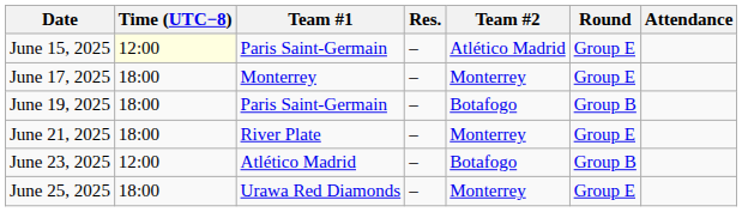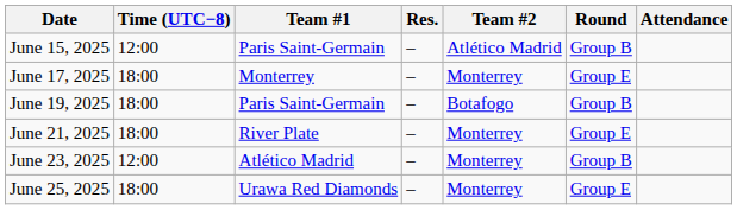 <table class="wikitable sortable">
 <tr>
 <th style="text-align:center;">Date</th>
 <th style="text-align:center;">Time (<a href='#'>UTC−8</a>)</th>
 <th style="text-align:center;">Team #1</th>
 <th style="text-align:center;">Res.</th>
 <th style="text-align:center;">Team #2</th>
 <th style="text-align:center;">Round</th>
 <th>Attendance</th>
 </tr>
 <tr>
 <td>June 15, 2025</td>
-<td style="background: lightyellow;">12:00</td>
+<td>12:00</td>
 <td><a href='#'>Paris Saint-Germain</a> </td>
 <td>–</td>
 <td> <a href='#'>Atlético Madrid</a></td>
-<td><a href='#'>Group E</a></td>
+<td><a href='#'>Group B</a></td>
 <td></td>
 </tr>
 <tr>
 <td>June 17, 2025</td>
 <td>18:00</td>
 <td><a href='#'>Monterrey</a> </td>
 <td>–</td>
 <td> <a href='#'>Monterrey</a></td>
 <td><a href='#'>Group E</a></td>
 <td></td>
 </tr>
 <tr>
 <td>June 19, 2025</td>
 <td>18:00</td>
 <td><a href='#'>Paris Saint-Germain</a> </td>
 <td>–</td>
 <td> <a href='#'>Botafogo</a></td>
 <td><a href='#'>Group B</a></td>
 <td></td>
 </tr>
 <tr>
 <td>June 21, 2025</td>
 <td>18:00</td>
 <td><a href='#'>River Plate</a> </td>
 <td>–</td>
 <td> <a href='#'>Monterrey</a></td>
 <td><a href='#'>Group E</a></td>
 <td></td>
 </tr>
 <tr>
 <td>June 23, 2025</td>
 <td>12:00</td>
 <td><a href='#'>Atlético Madrid</a> </td>
 <td>–</td>
-<td> <a href='#'>Botafogo</a></td>
+<td> <a href='#'>Monterrey</a></td>
 <td><a href='#'>Group B</a></td>
 <td></td>
 </tr>
 <tr>
 <td>June 25, 2025</td>
 <td>18:00</td>
 <td><a href='#'>Urawa Red Diamonds</a> </td>
 <td>–</td>
 <td> <a href='#'>Monterrey</a></td>
 <td><a href='#'>Group E</a></td>
 <td></td>
 </tr>
 </table>
